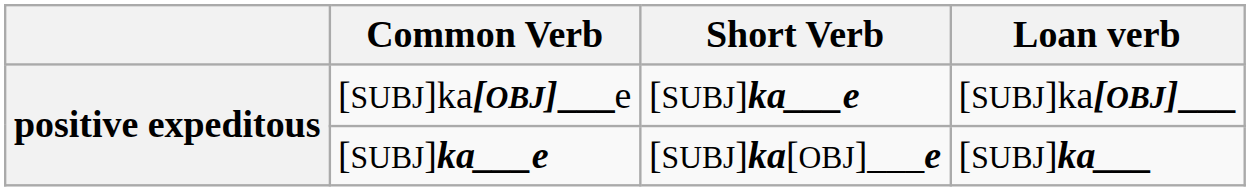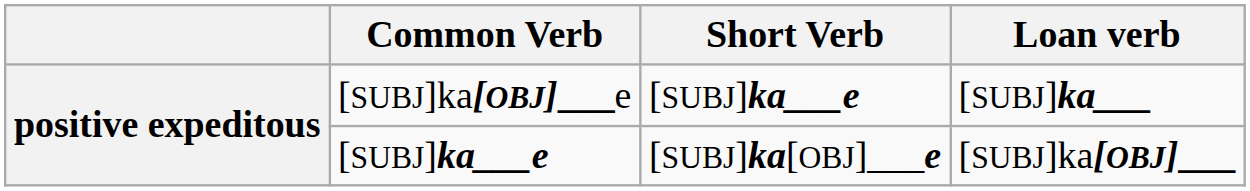 <table class="wikitable">
 <tr>
 <th></th>
 <th>Common Verb</th>
 <th>Short Verb</th>
 <th>Loan verb</th>
 </tr>
 <tr>
 <th rowspan="2">positive expeditous</th>
 <td>[<small>SUBJ</small>]</em></strong>ka<strong><em>[<small>OBJ</small>]</em>___</strong>e</em></strong></td>
 <td>[<small>SUBJ</small>]<strong><em>ka<strong>___</strong>e</em></strong></td>
-<td>[<small>SUBJ</small>]</em></strong>ka<strong><em>[<small>OBJ</small>]</em>___<em></td>
+<td>[<small>SUBJ</small>]<strong><em>ka<strong>___<em></td>
 </tr>
 <tr>
 <td>[<small>SUBJ</small>]<strong><em>ka<strong>___</strong>e</em></strong></td>
 <td>[<small>SUBJ</small>]<strong><em>ka</em></strong>[<small>OBJ</small>]<em>___<strong>e<strong><em></td>
-<td>[<small>SUBJ</small>]<strong><em>ka<strong>___<em></td>
+<td>[<small>SUBJ</small>]</em></strong>ka<strong><em>[<small>OBJ</small>]</em>___<em></td>
 </tr>
 </table>
